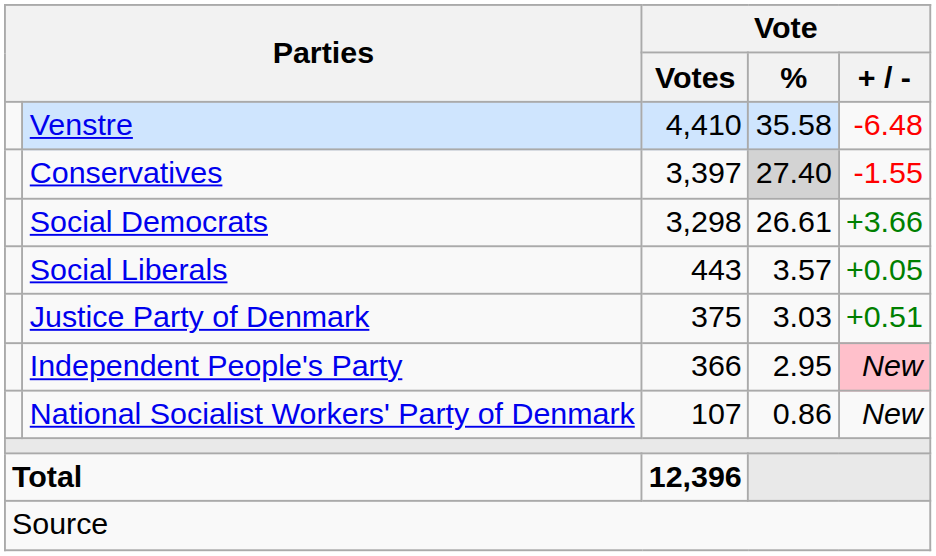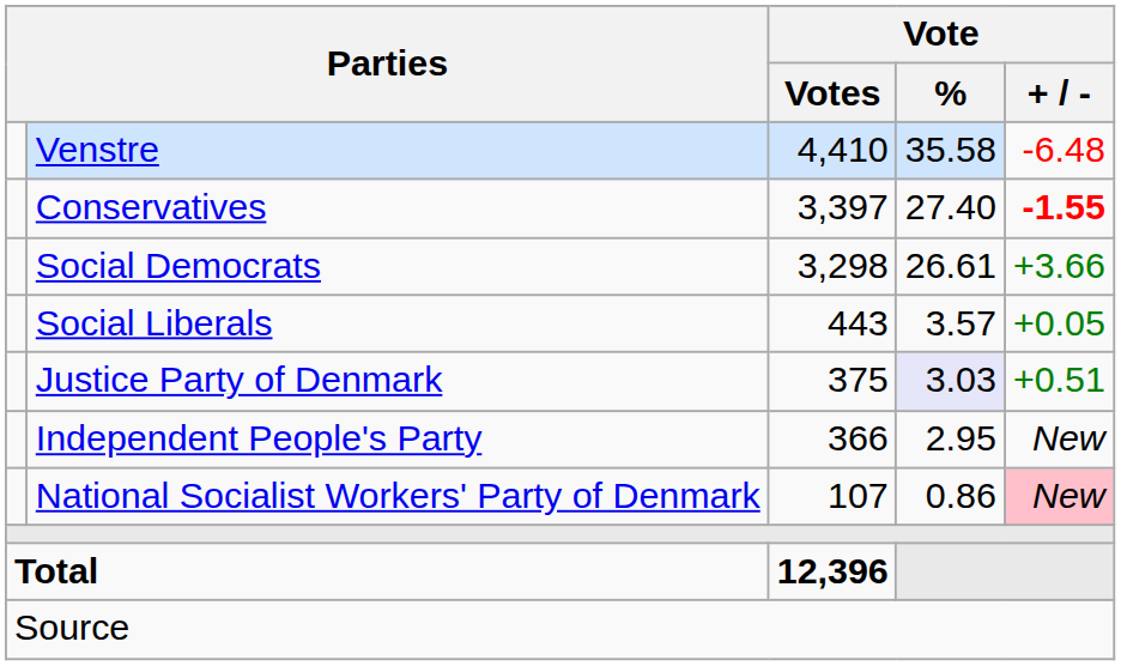 <table class="wikitable" style="text-align:right;">
 <tr>
 <th style="text-align:centre;" rowspan="2" colspan="2" width="225">Parties</th>
 <th colspan="3">Vote</th>
 </tr>
 <tr>
 <th width="15">Votes</th>
 <th width="15">%</th>
 <th width="15">+ / -</th>
 </tr>
 <tr>
 <td width="2" style="color:inherit;background:"></td>
 <td bgcolor=#cfe5fe  align="left"><a href='#'>Venstre</a></td>
 <td bgcolor=#cfe5fe>4,410</td>
 <td bgcolor=#cfe5fe>35.58</td>
 <td style=color:red;>-6.48</td>
 </tr>
 <tr>
 <td width="2" style="color:inherit;background:"></td>
 <td align="left"><a href='#'>Conservatives</a></td>
 <td>3,397</td>
-<td style="background: lightgrey;">27.40</td>
-<td style=color:red;>-1.55</td>
+<td>27.40</td>
+<td style=color:red;><strong>-1.55</strong></td>
 </tr>
 <tr>
 <td width="2" style="color:inherit;background:"></td>
 <td align="left"><a href='#'>Social Democrats</a></td>
 <td>3,298</td>
 <td>26.61</td>
 <td style=color:green;>+3.66</td>
 </tr>
 <tr>
 <td width="2" style="color:inherit;background:"></td>
 <td align="left"><a href='#'>Social Liberals</a></td>
 <td>443</td>
 <td>3.57</td>
 <td style=color:green;>+0.05</td>
 </tr>
 <tr>
 <td width="2" style="color:inherit;background:"></td>
 <td align="left"><a href='#'>Justice Party of Denmark</a></td>
 <td>375</td>
-<td>3.03</td>
+<td style="background: lavender;">3.03</td>
 <td style=color:green;>+0.51</td>
 </tr>
 <tr>
 <td width="2" style="color:inherit;background:"></td>
 <td align="left"><a href='#'>Independent People's Party</a></td>
 <td>366</td>
 <td>2.95</td>
-<td style="background: pink;"><em>New</em></td>
+<td><em>New</em></td>
 </tr>
 <tr>
 <td width="2" style="color:inherit;background:"></td>
 <td align="left"><a href='#'>National Socialist Workers' Party of Denmark</a></td>
 <td>107</td>
 <td>0.86</td>
-<td><em>New</em></td>
+<td style="background: pink;"><em>New</em></td>
 </tr>
 <tr>
 <td colspan="7" bgcolor="#E9E9E9"></td>
 </tr>
 <tr>
 <td align="left" colspan="2"><strong>Total</strong></td>
 <td><strong>12,396</strong></td>
 <td bgcolor="#E9E9E9" colspan="2"></td>
 </tr>
 <tr>
 <td align="left" colspan="6">Source</td>
 </tr>
 </table>
